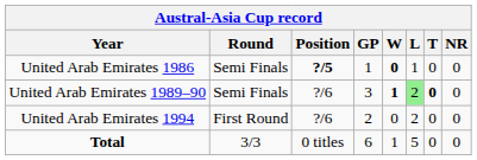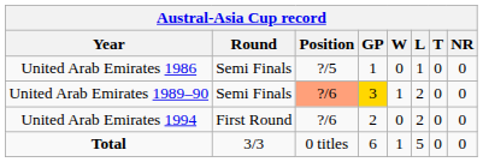 <table class="wikitable" style="text-align: center;">
 <tr>
 <th colspan=9><a href='#'>Austral-Asia Cup record</a></th>
 </tr>
 <tr>
 <th>Year</th>
 <th>Round</th>
 <th>Position</th>
 <th>GP</th>
 <th>W</th>
 <th>L</th>
 <th>T</th>
 <th>NR</th>
 </tr>
 <tr>
 <td>United Arab Emirates <a href='#'>1986</a></td>
 <td>Semi Finals</td>
-<td><strong>?/5</strong></td>
+<td>?/5</td>
 <td>1</td>
-<td><strong>0</strong></td>
+<td>0</td>
 <td>1</td>
 <td>0</td>
 <td>0</td>
 </tr>
 <tr>
 <td>United Arab Emirates <a href='#'>1989–90</a></td>
 <td>Semi Finals</td>
-<td>?/6</td>
-<td>3</td>
-<td><strong>1</strong></td>
-<td style="background: lightgreen;">2</td>
-<td><strong>0</strong></td>
+<td style="background: lightsalmon;">?/6</td>
+<td style="background: gold;">3</td>
+<td>1</td>
+<td>2</td>
+<td>0</td>
 <td>0</td>
 </tr>
 <tr>
 <td>United Arab Emirates <a href='#'>1994</a></td>
 <td>First Round</td>
 <td>?/6</td>
 <td>2</td>
 <td>0</td>
 <td>2</td>
 <td>0</td>
 <td>0</td>
 </tr>
 <tr>
 <td><strong>Total</strong></td>
 <td>3/3</td>
 <td>0 titles</td>
 <td>6</td>
 <td>1</td>
 <td>5</td>
 <td>0</td>
 <td>0</td>
 </tr>
 </table>
